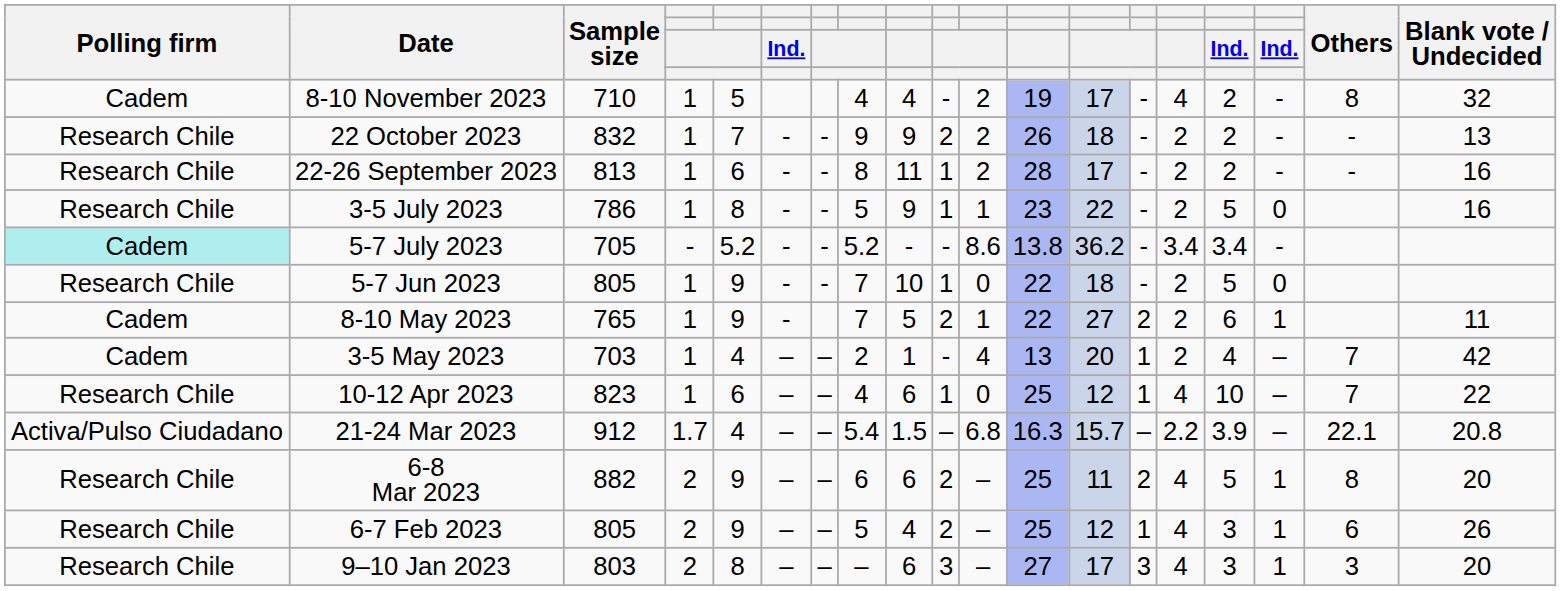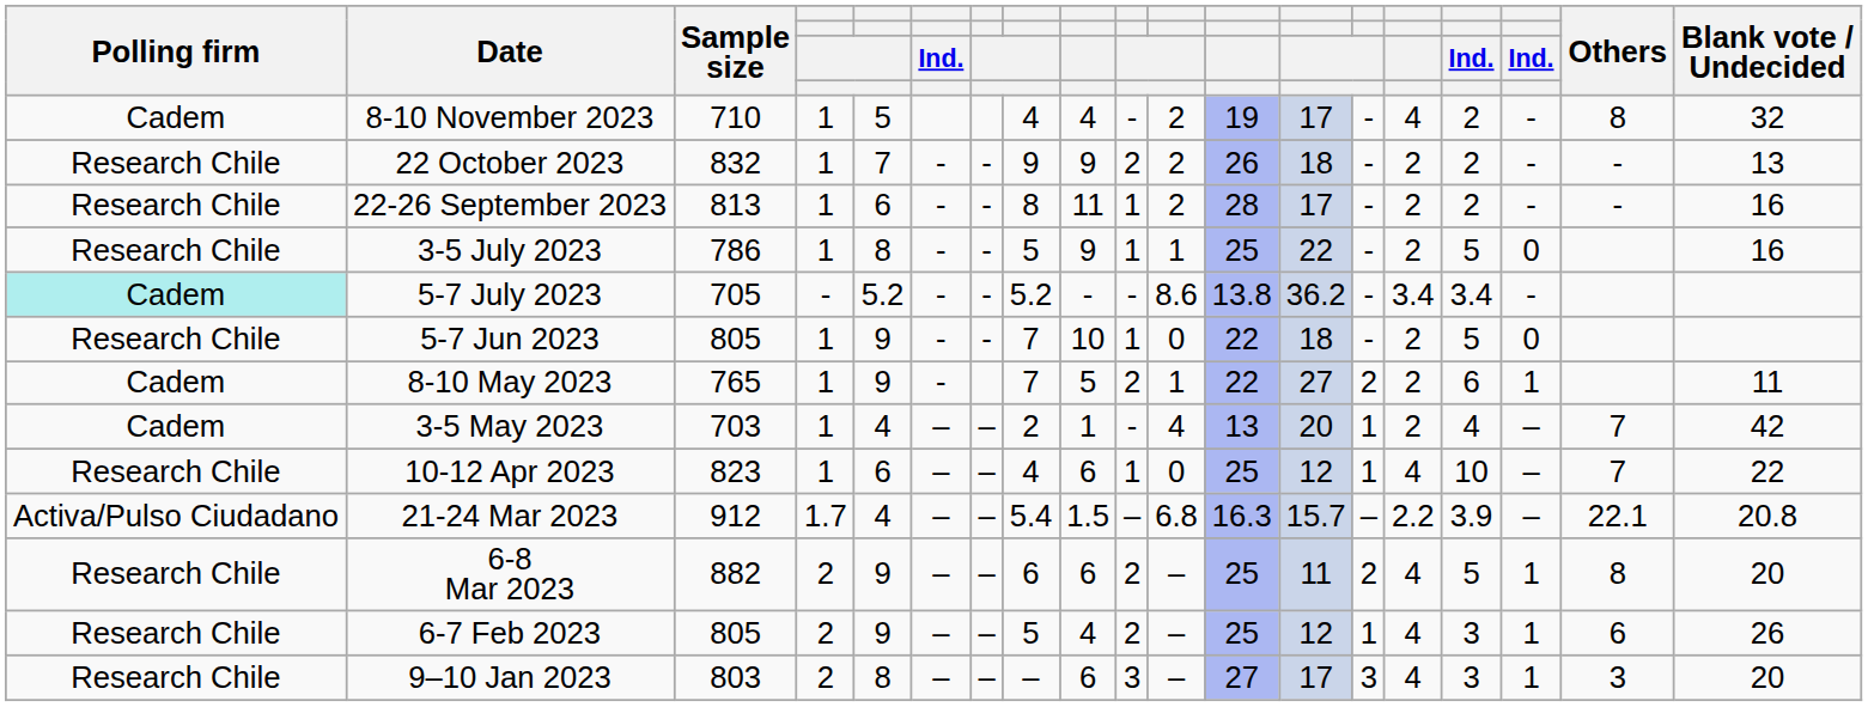 <table class="wikitable sortable" style="text-align:center;font-size:90%;line-height:14px;">
 <tr>
 <th rowspan="4">Polling firm</th>
 <th rowspan="4">Date</th>
 <th rowspan="4">Sample<br>size</th>
 <th></th>
 <th></th>
 <th></th>
 <th></th>
 <th></th>
 <th></th>
 <th></th>
 <th></th>
 <th></th>
 <th></th>
 <th></th>
 <th></th>
 <th></th>
 <th></th>
 <th rowspan="4" class="unsortable">Others</th>
 <th rowspan="4" class="unsortable">Blank vote /<br>Undecided</th>
 </tr>
 <tr>
 <th></th>
 <th></th>
 <th></th>
 <th></th>
 <th></th>
 <th></th>
 <th></th>
 <th></th>
 <th></th>
 <th></th>
 <th></th>
 <th></th>
 <th></th>
 <th></th>
 </tr>
 <tr>
 <th colspan="2"></th>
 <th><small><a href='#'>Ind.</a></small></th>
 <th colspan="2"></th>
 <th></th>
 <th colspan="2"></th>
 <th></th>
 <th colspan="2"></th>
 <th></th>
 <th><small><a href='#'>Ind.</a></small></th>
 <th><small><a href='#'>Ind.</a></small></th>
 </tr>
 <tr>
 <th colspan="2" style="background:"></th>
 <th style="background:"></th>
 <th colspan="2" style="background:"></th>
 <th style="background:"></th>
 <th colspan="2" style="background:"></th>
 <th style="background:"></th>
 <th colspan="2" style="background:"></th>
 <th style="background:"></th>
 <th style="background:"></th>
 <th style="background:"></th>
 </tr>
 <tr>
 <td>Cadem</td>
 <td>8-10 November 2023</td>
 <td>710</td>
 <td>1</td>
 <td>5</td>
 <td></td>
 <td></td>
 <td>4</td>
 <td>4</td>
 <td>-</td>
 <td>2</td>
 <td style="background:#ABB7F2">19</td>
 <td style="background:#CAD5E9">17</td>
 <td>-</td>
 <td>4</td>
 <td>2</td>
 <td>-</td>
 <td>8</td>
 <td>32</td>
 </tr>
 <tr>
 <td>Research Chile</td>
 <td>22 October 2023</td>
 <td>832</td>
 <td>1</td>
 <td>7</td>
 <td>-</td>
 <td>-</td>
 <td>9</td>
 <td>9</td>
 <td>2</td>
 <td>2</td>
 <td style="background:#ABB7F2">26</td>
 <td style="background:#CAD5E9">18</td>
 <td>-</td>
 <td>2</td>
 <td>2</td>
 <td>-</td>
 <td>-</td>
 <td>13</td>
 </tr>
 <tr>
 <td>Research Chile</td>
 <td>22-26 September 2023</td>
 <td>813</td>
 <td>1</td>
 <td>6</td>
 <td>-</td>
 <td>-</td>
 <td>8</td>
 <td>11</td>
 <td>1</td>
 <td>2</td>
 <td style="background:#ABB7F2">28</td>
 <td style="background:#CAD5E9">17</td>
 <td>-</td>
 <td>2</td>
 <td>2</td>
 <td>-</td>
 <td>-</td>
 <td>16</td>
 </tr>
 <tr>
 <td>Research Chile</td>
 <td>3-5 July 2023</td>
 <td>786</td>
 <td>1</td>
 <td>8</td>
 <td>-</td>
 <td>-</td>
 <td>5</td>
 <td>9</td>
 <td>1</td>
 <td>1</td>
-<td style="background:#ABB7F2">23</td>
+<td style="background:#ABB7F2">25</td>
 <td style="background:#CAD5E9">22</td>
 <td>-</td>
 <td>2</td>
 <td>5</td>
 <td>0</td>
 <td></td>
 <td>16</td>
 </tr>
 <tr>
 <td style="background: paleturquoise;">Cadem</td>
 <td>5-7 July 2023</td>
 <td>705</td>
 <td>-</td>
 <td>5.2</td>
 <td>-</td>
 <td>-</td>
 <td>5.2</td>
 <td>-</td>
 <td>-</td>
 <td>8.6</td>
 <td style="background:#ABB7F2">13.8</td>
 <td style="background:#CAD5E9">36.2</td>
 <td>-</td>
 <td>3.4</td>
 <td>3.4</td>
 <td>-</td>
 <td></td>
 <td></td>
 </tr>
 <tr>
 <td>Research Chile</td>
 <td>5-7 Jun 2023</td>
 <td>805</td>
 <td>1</td>
 <td>9</td>
 <td>-</td>
 <td>-</td>
 <td>7</td>
 <td>10</td>
 <td>1</td>
 <td>0</td>
 <td style="background:#ABB7F2">22</td>
 <td style="background:#CAD5E9">18</td>
 <td>-</td>
 <td>2</td>
 <td>5</td>
 <td>0</td>
 <td></td>
 <td></td>
 </tr>
 <tr>
 <td>Cadem</td>
 <td>8-10 May 2023</td>
 <td>765</td>
 <td>1</td>
 <td>9</td>
 <td>-</td>
 <td></td>
 <td>7</td>
 <td>5</td>
 <td>2</td>
 <td>1</td>
 <td style="background:#ABB7F2">22</td>
 <td style="background:#CAD5E9">27</td>
 <td>2</td>
 <td>2</td>
 <td>6</td>
 <td>1</td>
 <td></td>
 <td>11</td>
 </tr>
 <tr>
 <td>Cadem</td>
 <td>3-5 May 2023</td>
 <td>703</td>
 <td>1</td>
 <td>4</td>
 <td>–</td>
 <td>–</td>
 <td>2</td>
 <td>1</td>
 <td>-</td>
 <td>4</td>
 <td style="background:#ABB7F2">13</td>
 <td style="background:#CAD5E9">20</td>
 <td>1</td>
 <td>2</td>
 <td>4</td>
 <td>–</td>
 <td>7</td>
 <td>42</td>
 </tr>
 <tr>
 <td>Research Chile</td>
 <td>10-12 Apr 2023</td>
 <td>823</td>
 <td>1</td>
 <td>6</td>
 <td>–</td>
 <td>–</td>
 <td>4</td>
 <td>6</td>
 <td>1</td>
 <td>0</td>
 <td style="background:#ABB7F2">25</td>
 <td style="background:#CAD5E9">12</td>
 <td>1</td>
 <td>4</td>
 <td>10</td>
 <td>–</td>
 <td>7</td>
 <td>22</td>
 </tr>
 <tr>
 <td>Activa/Pulso Ciudadano</td>
 <td>21-24 Mar 2023</td>
 <td>912</td>
 <td>1.7</td>
 <td>4</td>
 <td>–</td>
 <td>–</td>
 <td>5.4</td>
 <td>1.5</td>
 <td>–</td>
 <td>6.8</td>
 <td style="background:#ABB7F2">16.3</td>
 <td style="background:#CAD5E9">15.7</td>
 <td>–</td>
 <td>2.2</td>
 <td>3.9</td>
 <td>–</td>
 <td>22.1</td>
 <td>20.8</td>
 </tr>
 <tr>
 <td>Research Chile</td>
 <td>6-8<br>Mar 2023</td>
 <td>882</td>
 <td>2</td>
 <td>9</td>
 <td>–</td>
 <td>–</td>
 <td>6</td>
 <td>6</td>
 <td>2</td>
 <td>–</td>
 <td style="background:#ABB7F2">25</td>
 <td style="background:#CAD5E9">11</td>
 <td>2</td>
 <td>4</td>
 <td>5</td>
 <td>1</td>
 <td>8</td>
 <td>20</td>
 </tr>
 <tr>
 <td>Research Chile</td>
 <td>6-7 Feb 2023</td>
 <td>805</td>
 <td>2</td>
 <td>9</td>
 <td>–</td>
 <td>–</td>
 <td>5</td>
 <td>4</td>
 <td>2</td>
 <td>–</td>
 <td style="background:#ABB7F2">25</td>
 <td style="background:#CAD5E9">12</td>
 <td>1</td>
 <td>4</td>
 <td>3</td>
 <td>1</td>
 <td>6</td>
 <td>26</td>
 </tr>
 <tr>
 <td>Research Chile</td>
 <td>9–10 Jan 2023</td>
 <td>803</td>
 <td>2</td>
 <td>8</td>
 <td>–</td>
 <td>–</td>
 <td>–</td>
 <td>6</td>
 <td>3</td>
 <td>–</td>
 <td style="background:#ABB7F2">27</td>
 <td style="background:#CAD5E9">17</td>
 <td>3</td>
 <td>4</td>
 <td>3</td>
 <td>1</td>
 <td>3</td>
 <td>20</td>
 </tr>
 </table>
